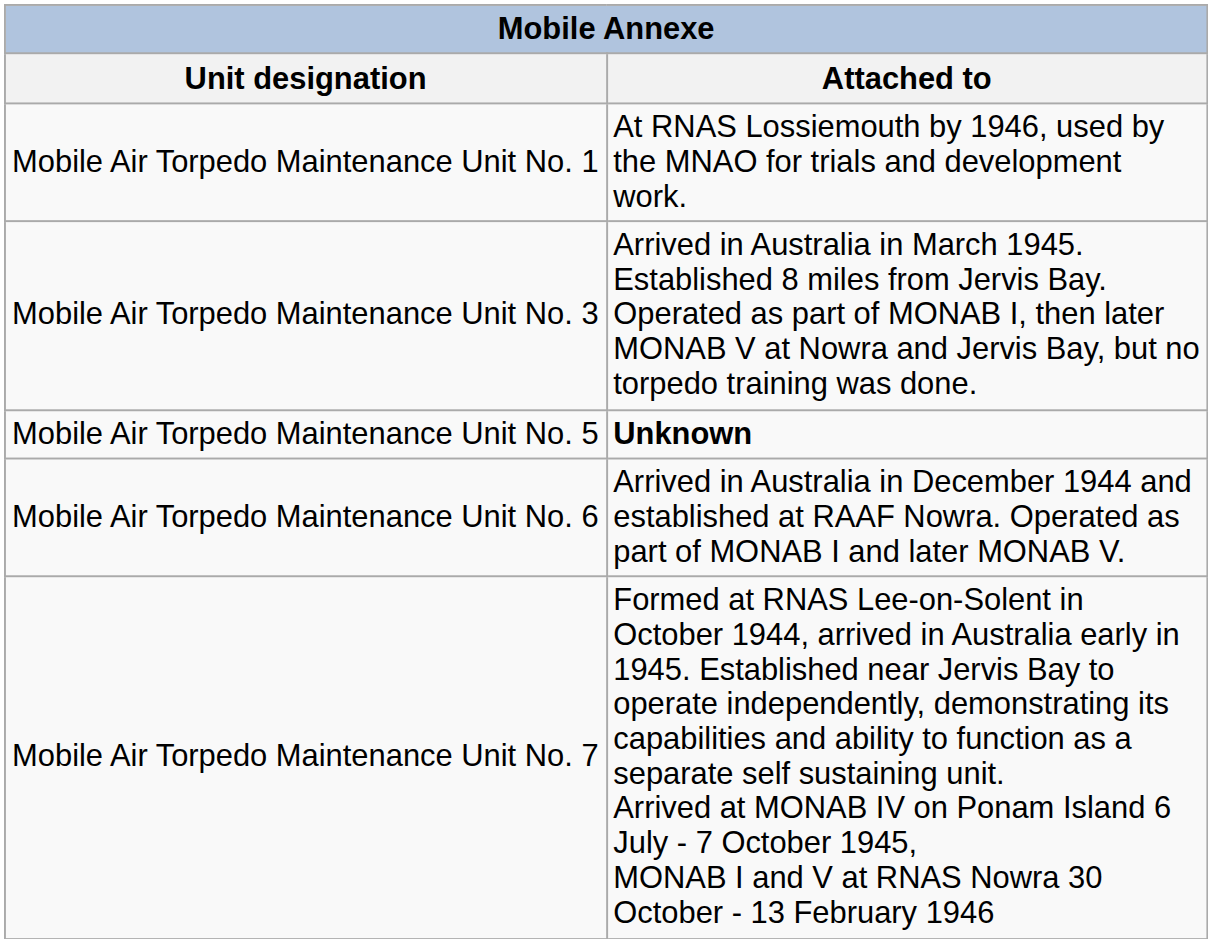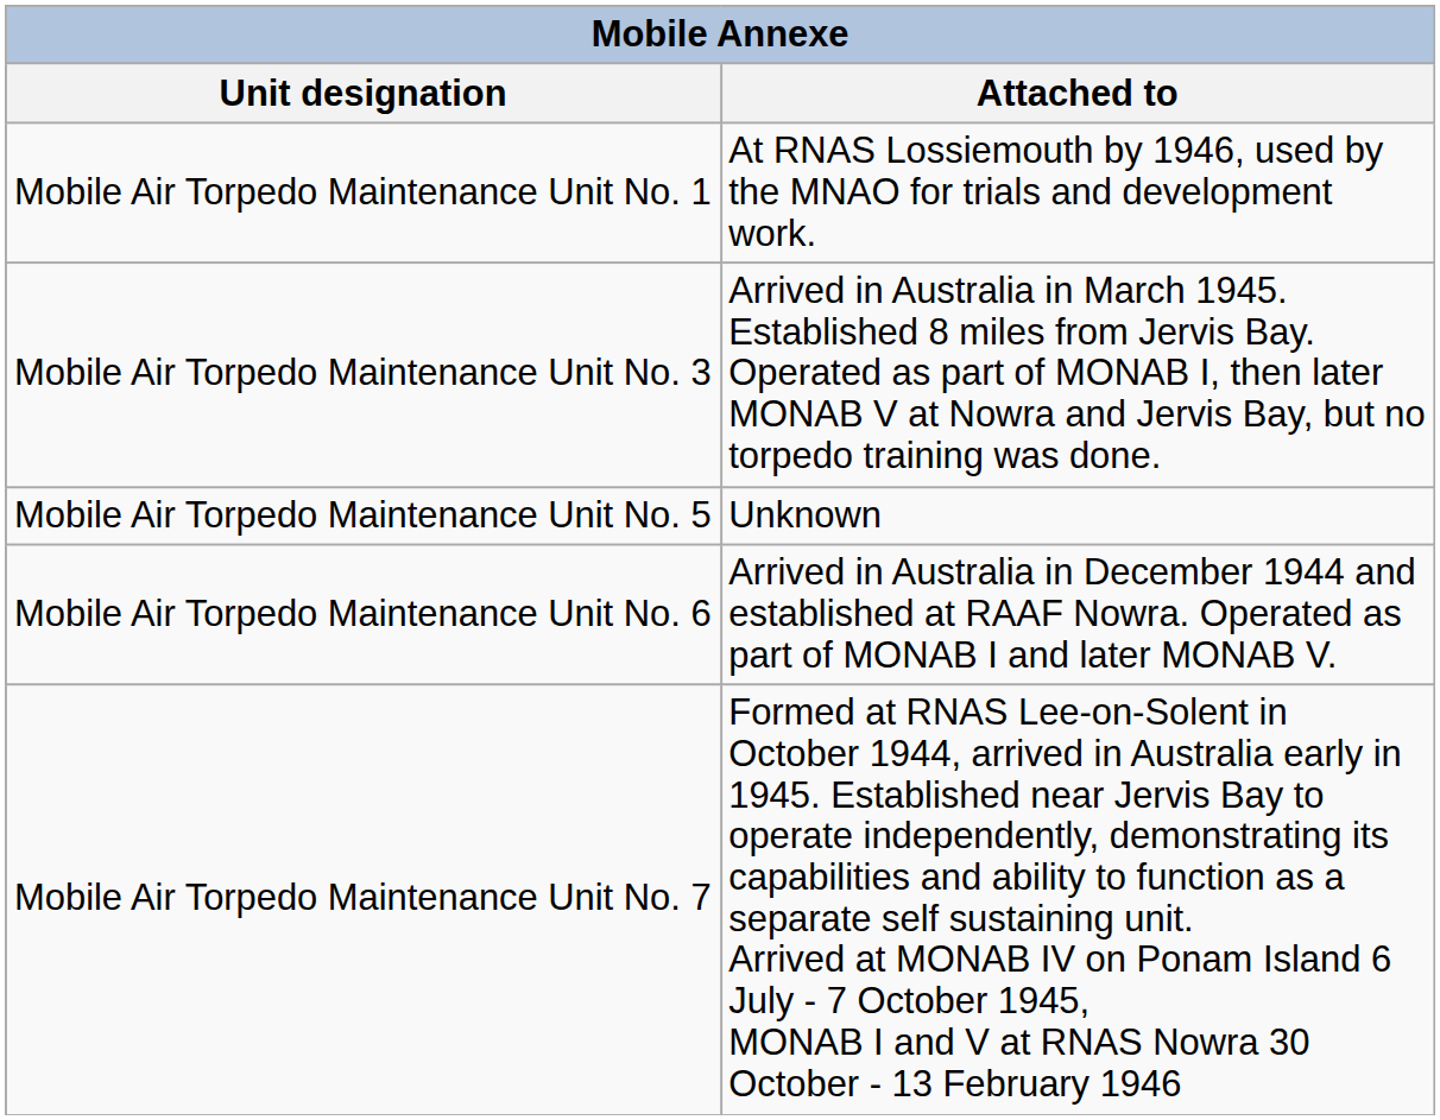 <table class="wikitable" style="margin:auto; width:100%;">
 <tr>
 <th style="align: center; background:#B0C4DE;" colspan="3">Mobile Annexe</th>
 </tr>
 <tr>
 <th style="text-align:center; width:50%;">Unit designation</th>
 <th style="text-align:center; width:50%;">Attached to</th>
 </tr>
 <tr>
 <td>Mobile Air Torpedo Maintenance Unit No. 1</td>
 <td>At RNAS Lossiemouth by 1946, used by the MNAO for trials and development work.</td>
 </tr>
 <tr>
 <td>Mobile Air Torpedo Maintenance Unit No. 3</td>
 <td>Arrived in Australia in March 1945. Established 8 miles from Jervis Bay.<br>Operated as part of MONAB I, then later MONAB V at Nowra and Jervis Bay, but no torpedo training was done.</td>
 </tr>
 <tr>
 <td>Mobile Air Torpedo Maintenance Unit No. 5</td>
-<td><strong>Unknown</strong></td>
+<td>Unknown</td>
 </tr>
 <tr>
 <td>Mobile Air Torpedo Maintenance Unit No. 6</td>
 <td>Arrived in Australia in December 1944 and established at RAAF Nowra. Operated as part of MONAB I and later MONAB V.</td>
 </tr>
 <tr>
 <td>Mobile Air Torpedo Maintenance Unit No. 7</td>
 <td>Formed at RNAS Lee-on-Solent in October 1944, arrived in Australia early in 1945. Established near Jervis Bay to operate independently, demonstrating its capabilities and ability to function as a separate self sustaining unit.<br>Arrived at MONAB IV on Ponam Island 6 July - 7 October 1945,<br>MONAB I and V at RNAS Nowra 30 October - 13 February 1946</td>
 </tr>
 </table>
